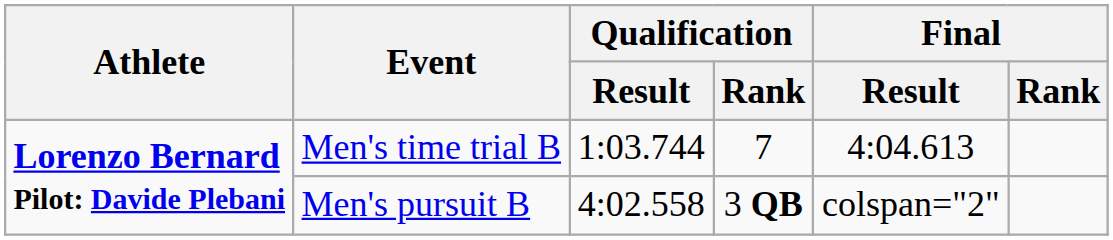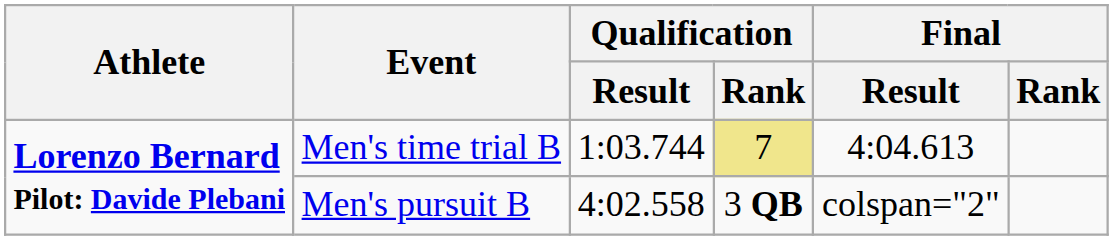 <table class=wikitable>
 <tr>
 <th rowspan="2">Athlete</th>
 <th rowspan="2">Event</th>
 <th colspan="2">Qualification</th>
 <th colspan="2">Final</th>
 </tr>
 <tr>
 <th>Result</th>
 <th>Rank</th>
 <th>Result</th>
 <th>Rank</th>
 </tr>
 <tr align=center>
 <td align=left rowspan=2><strong><a href='#'>Lorenzo Bernard</a><br><small>Pilot: <a href='#'>Davide Plebani</a></small></strong></td>
 <td align=left><a href='#'>Men's time trial B</a></td>
 <td>1:03.744</td>
-<td rowspan="1">7</td>
+<td rowspan="1" style="background: khaki;">7</td>
 <td>4:04.613</td>
 </tr>
 <tr align=center>
 <td align=left><a href='#'>Men's pursuit B</a></td>
 <td>4:02.558</td>
 <td>3 <strong>QB</strong></td>
 <td>colspan="2" </td>
 <td></td>
 </tr>
 </table>
